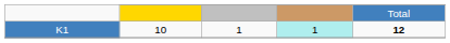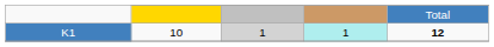 <table class="wikitable"  style="font-size:95%; text-align:center; border:gray solid 1px; width:40%;">
 <tr>
 <td rowspan="2" style="width:3%;"></td>
 </tr>
 <tr>
 <td style="width:2%;" bgcolor=gold></td>
 <td style="width:2%;" bgcolor=silver></td>
 <td style="width:2%;" bgcolor=cc9966></td>
 <td style="width:2%; background-color:#4180be; color:white;">Total</td>
 </tr>
 <tr>
 <td style="background-color:#4180be; color:white;">K1</td>
 <td>10</td>
-<td>1</td>
+<td style="background: lightgrey;">1</td>
 <td style="background: paleturquoise;">1</td>
 <td><strong>12</strong></td>
 </tr>
 <tr>
 </tr>
 </table>
